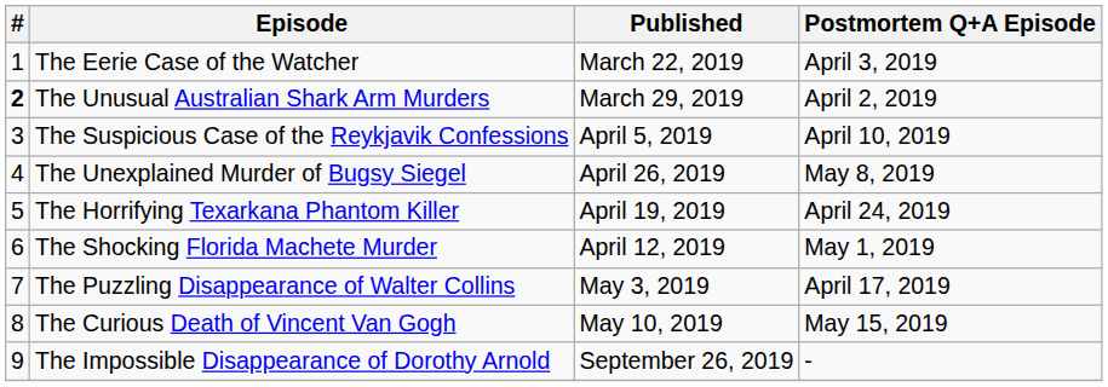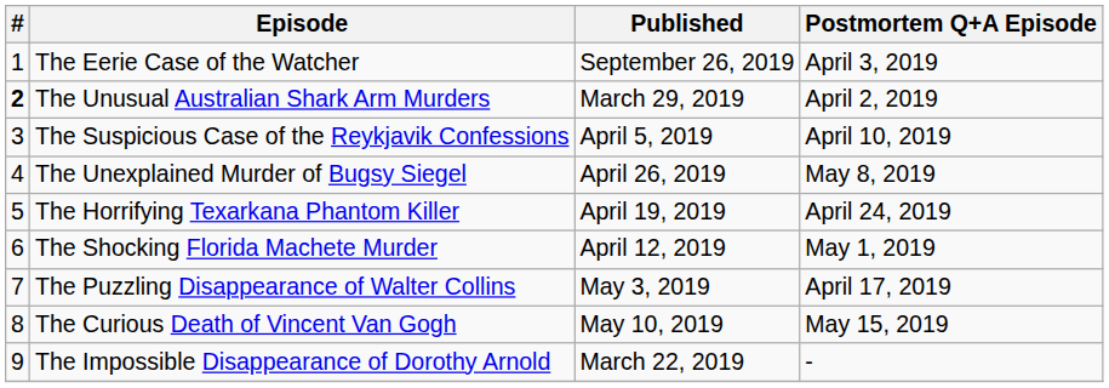 <table class="wikitable mw-collapsible">
 <tr>
 <th>#</th>
 <th>Episode</th>
 <th>Published</th>
 <th>Postmortem Q+A Episode</th>
 </tr>
 <tr>
 <td>1</td>
 <td>The Eerie Case of the Watcher</td>
-<td>March 22, 2019</td>
+<td>September 26, 2019</td>
 <td>April 3, 2019</td>
 </tr>
 <tr>
 <td><strong>2</strong></td>
 <td>The Unusual <a href='#'>Australian Shark Arm Murders</a></td>
 <td>March 29, 2019</td>
 <td>April 2, 2019</td>
 </tr>
 <tr>
 <td>3</td>
 <td>The Suspicious Case of the <a href='#'>Reykjavik Confessions</a></td>
 <td>April 5, 2019</td>
 <td>April 10, 2019</td>
 </tr>
 <tr>
 <td>4</td>
 <td>The Unexplained Murder of <a href='#'>Bugsy Siegel</a></td>
 <td>April 26, 2019</td>
 <td>May 8, 2019</td>
 </tr>
 <tr>
 <td>5</td>
 <td>The Horrifying <a href='#'>Texarkana Phantom Killer</a></td>
 <td>April 19, 2019</td>
 <td>April 24, 2019</td>
 </tr>
 <tr>
 <td>6</td>
 <td>The Shocking <a href='#'>Florida Machete Murder</a></td>
 <td>April 12, 2019</td>
 <td>May 1, 2019</td>
 </tr>
 <tr>
 <td>7</td>
 <td>The Puzzling <a href='#'>Disappearance of Walter Collins</a></td>
 <td>May 3, 2019</td>
 <td>April 17, 2019</td>
 </tr>
 <tr>
 <td>8</td>
 <td>The Curious <a href='#'>Death of Vincent Van Gogh</a></td>
 <td>May 10, 2019</td>
 <td>May 15, 2019</td>
 </tr>
 <tr>
 <td>9</td>
 <td>The Impossible <a href='#'>Disappearance of Dorothy Arnold</a></td>
-<td>September 26, 2019</td>
+<td>March 22, 2019</td>
 <td>-</td>
 </tr>
 <tr>
 </tr>
 </table>
